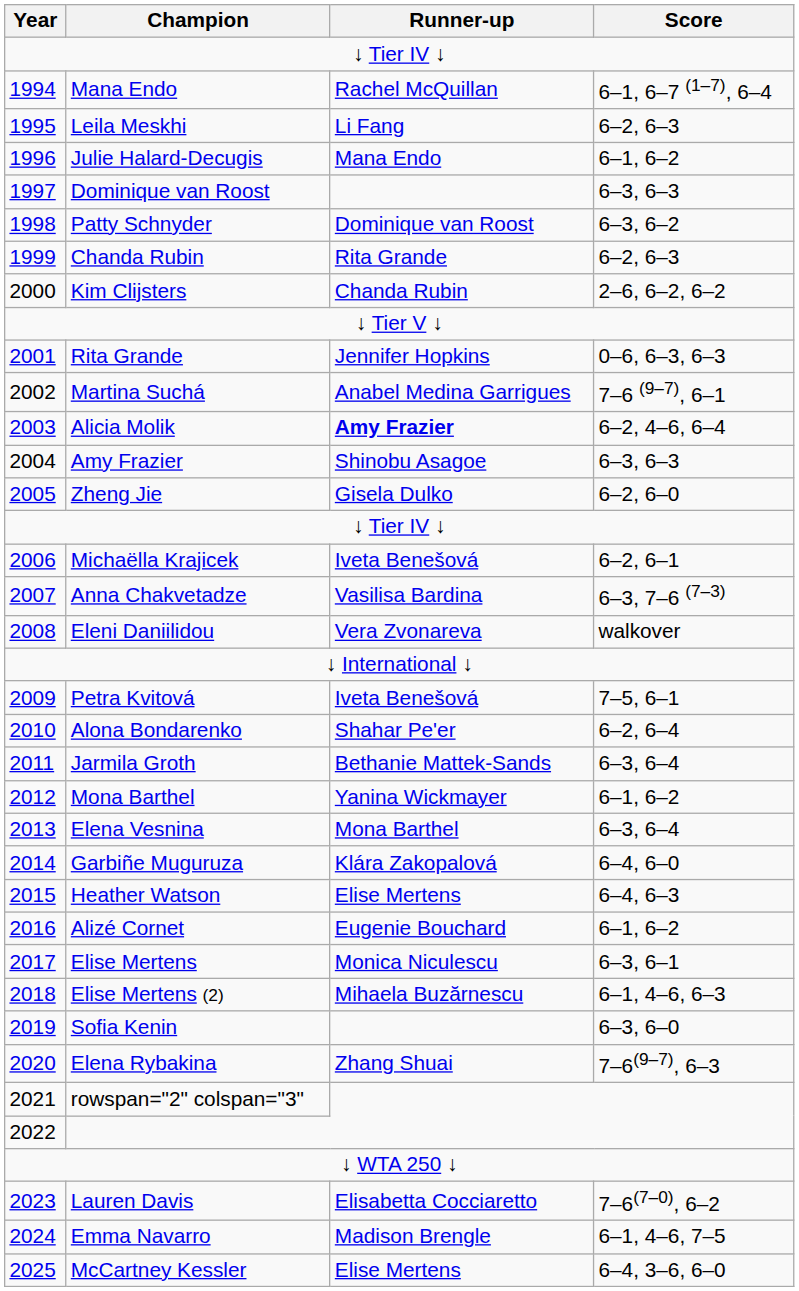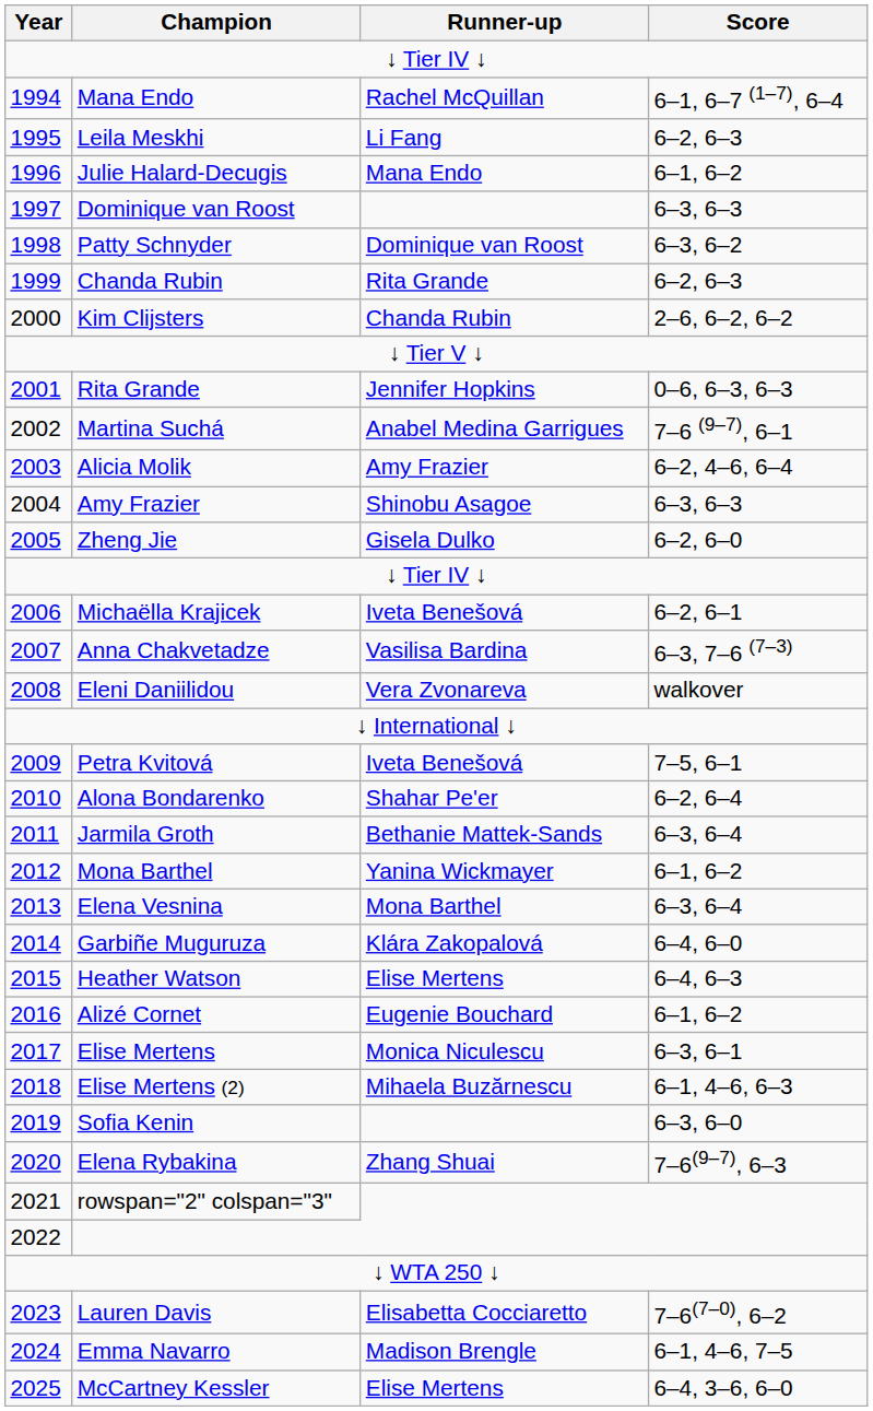 <table class="wikitable">
 <tr>
 <th style="width:40px">Year</th>
 <th style="width:200px">Champion</th>
 <th style="width:200px">Runner-up</th>
 <th style="width:150px" class="unsortable">Score</th>
 </tr>
 <tr>
 <td align=center colspan="4">↓ <a href='#'>Tier IV</a> ↓</td>
 </tr>
 <tr>
 <td><a href='#'>1994</a></td>
 <td> <a href='#'>Mana Endo</a></td>
 <td> <a href='#'>Rachel McQuillan</a></td>
 <td>6–1, 6–7 <sup>(1–7)</sup>, 6–4</td>
 </tr>
 <tr>
 <td><a href='#'>1995</a></td>
 <td> <a href='#'>Leila Meskhi</a></td>
 <td> <a href='#'>Li Fang</a></td>
 <td>6–2, 6–3</td>
 </tr>
 <tr>
 <td><a href='#'>1996</a></td>
 <td> <a href='#'>Julie Halard-Decugis</a></td>
 <td> <a href='#'>Mana Endo</a></td>
 <td>6–1, 6–2</td>
 </tr>
 <tr>
 <td><a href='#'>1997</a></td>
 <td> <a href='#'>Dominique van Roost</a></td>
 <td></td>
 <td>6–3, 6–3</td>
 </tr>
 <tr>
 <td><a href='#'>1998</a></td>
 <td> <a href='#'>Patty Schnyder</a></td>
 <td> <a href='#'>Dominique van Roost</a></td>
 <td>6–3, 6–2</td>
 </tr>
 <tr>
 <td><a href='#'>1999</a></td>
 <td> <a href='#'>Chanda Rubin</a></td>
 <td> <a href='#'>Rita Grande</a></td>
 <td>6–2, 6–3</td>
 </tr>
 <tr>
 <td>2000</td>
 <td> <a href='#'>Kim Clijsters</a></td>
 <td> <a href='#'>Chanda Rubin</a></td>
 <td>2–6, 6–2, 6–2</td>
 </tr>
 <tr>
 <td align=center colspan="4">↓ <a href='#'>Tier V</a> ↓</td>
 </tr>
 <tr>
 <td><a href='#'>2001</a></td>
 <td> <a href='#'>Rita Grande</a></td>
 <td> <a href='#'>Jennifer Hopkins</a></td>
 <td>0–6, 6–3, 6–3</td>
 </tr>
 <tr>
 <td>2002</td>
 <td> <a href='#'>Martina Suchá</a></td>
 <td> <a href='#'>Anabel Medina Garrigues</a></td>
 <td>7–6 <sup>(9–7)</sup>, 6–1</td>
 </tr>
 <tr>
 <td><a href='#'>2003</a></td>
 <td> <a href='#'>Alicia Molik</a></td>
-<td><strong> <a href='#'>Amy Frazier</a></strong></td>
+<td> <a href='#'>Amy Frazier</a></td>
 <td>6–2, 4–6, 6–4</td>
 </tr>
 <tr>
 <td>2004</td>
 <td> <a href='#'>Amy Frazier</a></td>
 <td> <a href='#'>Shinobu Asagoe</a></td>
 <td>6–3, 6–3</td>
 </tr>
 <tr>
 <td><a href='#'>2005</a></td>
 <td> <a href='#'>Zheng Jie</a></td>
 <td> <a href='#'>Gisela Dulko</a></td>
 <td>6–2, 6–0</td>
 </tr>
 <tr>
 <td align=center colspan="4">↓ <a href='#'>Tier IV</a> ↓</td>
 </tr>
 <tr>
 <td><a href='#'>2006</a></td>
 <td> <a href='#'>Michaëlla Krajicek</a></td>
 <td> <a href='#'>Iveta Benešová</a></td>
 <td>6–2, 6–1</td>
 </tr>
 <tr>
 <td><a href='#'>2007</a></td>
 <td> <a href='#'>Anna Chakvetadze</a></td>
 <td> <a href='#'>Vasilisa Bardina</a></td>
 <td>6–3, 7–6 <sup>(7–3)</sup></td>
 </tr>
 <tr>
 <td><a href='#'>2008</a></td>
 <td> <a href='#'>Eleni Daniilidou</a></td>
 <td> <a href='#'>Vera Zvonareva</a></td>
 <td>walkover</td>
 </tr>
 <tr>
 <td align=center colspan="4">↓ <a href='#'>International</a> ↓</td>
 </tr>
 <tr>
 <td><a href='#'>2009</a></td>
 <td> <a href='#'>Petra Kvitová</a></td>
 <td> <a href='#'>Iveta Benešová</a></td>
 <td>7–5, 6–1</td>
 </tr>
 <tr>
 <td><a href='#'>2010</a></td>
 <td> <a href='#'>Alona Bondarenko</a></td>
 <td> <a href='#'>Shahar Pe'er</a></td>
 <td>6–2, 6–4</td>
 </tr>
 <tr>
 <td><a href='#'>2011</a></td>
 <td> <a href='#'>Jarmila Groth</a></td>
 <td> <a href='#'>Bethanie Mattek-Sands</a></td>
 <td>6–3, 6–4</td>
 </tr>
 <tr>
 <td><a href='#'>2012</a></td>
 <td> <a href='#'>Mona Barthel</a></td>
 <td> <a href='#'>Yanina Wickmayer</a></td>
 <td>6–1, 6–2</td>
 </tr>
 <tr>
 <td><a href='#'>2013</a></td>
 <td> <a href='#'>Elena Vesnina</a></td>
 <td> <a href='#'>Mona Barthel</a></td>
 <td>6–3, 6–4</td>
 </tr>
 <tr>
 <td><a href='#'>2014</a></td>
 <td> <a href='#'>Garbiñe Muguruza</a></td>
 <td> <a href='#'>Klára Zakopalová</a></td>
 <td>6–4, 6–0</td>
 </tr>
 <tr>
 <td><a href='#'>2015</a></td>
 <td> <a href='#'>Heather Watson</a></td>
 <td> <a href='#'>Elise Mertens</a></td>
 <td>6–4, 6–3</td>
 </tr>
 <tr>
 <td><a href='#'>2016</a></td>
 <td> <a href='#'>Alizé Cornet</a></td>
 <td> <a href='#'>Eugenie Bouchard</a></td>
 <td>6–1, 6–2</td>
 </tr>
 <tr>
 <td><a href='#'>2017</a></td>
 <td> <a href='#'>Elise Mertens</a></td>
 <td> <a href='#'>Monica Niculescu</a></td>
 <td>6–3, 6–1</td>
 </tr>
 <tr>
 <td><a href='#'>2018</a></td>
 <td> <a href='#'>Elise Mertens</a> <small>(2)</small></td>
 <td> <a href='#'>Mihaela Buzărnescu</a></td>
 <td>6–1, 4–6, 6–3</td>
 </tr>
 <tr>
 <td><a href='#'>2019</a></td>
 <td> <a href='#'>Sofia Kenin</a></td>
 <td></td>
 <td>6–3, 6–0</td>
 </tr>
 <tr>
 <td><a href='#'>2020</a></td>
 <td> <a href='#'>Elena Rybakina</a></td>
 <td> <a href='#'>Zhang Shuai</a></td>
 <td>7–6<sup>(9–7)</sup>, 6–3</td>
 </tr>
 <tr>
 <td>2021</td>
 <td>rowspan="2" colspan="3" </td>
 </tr>
 <tr>
 <td>2022</td>
 </tr>
 <tr>
 <td align=center colspan="4">↓ <a href='#'>WTA 250</a> ↓</td>
 </tr>
 <tr>
 <td><a href='#'>2023</a></td>
 <td> <a href='#'>Lauren Davis</a></td>
 <td> <a href='#'>Elisabetta Cocciaretto</a></td>
 <td>7–6<sup>(7–0)</sup>, 6–2</td>
 </tr>
 <tr>
 <td><a href='#'>2024</a></td>
 <td> <a href='#'>Emma Navarro</a></td>
 <td> <a href='#'>Madison Brengle</a></td>
 <td>6–1, 4–6, 7–5</td>
 </tr>
 <tr>
 <td><a href='#'>2025</a></td>
 <td> <a href='#'>McCartney Kessler</a></td>
 <td> <a href='#'>Elise Mertens</a></td>
 <td>6–4, 3–6, 6–0</td>
 </tr>
 </table>
